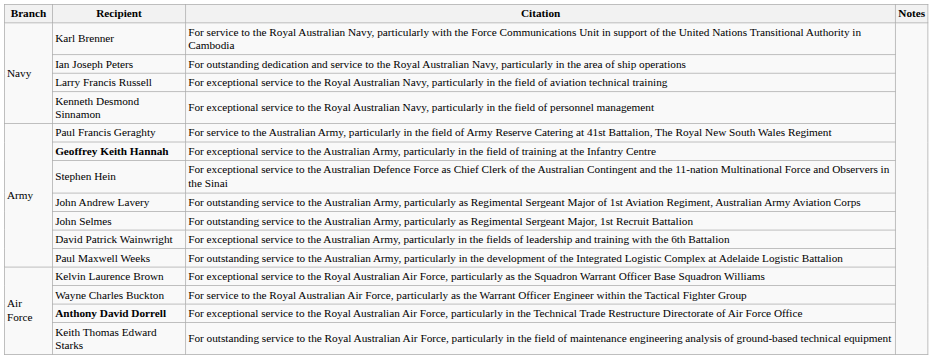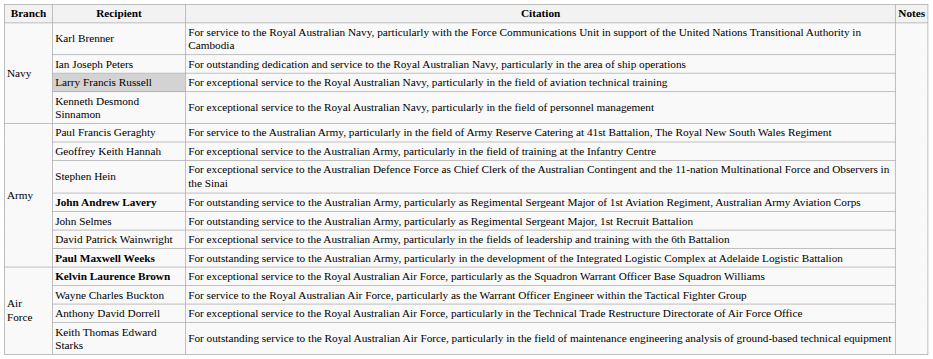 <table class="wikitable" style="font-size:95%;">
 <tr>
 <th>Branch</th>
 <th>Recipient</th>
 <th>Citation</th>
 <th>Notes</th>
 </tr>
 <tr>
 <td rowspan=4>Navy</td>
 <td> Karl Brenner</td>
 <td>For service to the Royal Australian Navy, particularly with the Force Communications Unit in support of the United Nations Transitional Authority in Cambodia</td>
 <td rowspan=15></td>
 </tr>
 <tr>
 <td> Ian Joseph Peters</td>
 <td>For outstanding dedication and service to the Royal Australian Navy, particularly in the area of ship operations</td>
 </tr>
 <tr>
-<td> Larry Francis Russell</td>
+<td style="background: lightgrey;"> Larry Francis Russell</td>
 <td>For exceptional service to the Royal Australian Navy, particularly in the field of aviation technical training</td>
 </tr>
 <tr>
 <td> Kenneth Desmond Sinnamon</td>
 <td>For exceptional service to the Royal Australian Navy, particularly in the field of personnel management</td>
 </tr>
 <tr>
 <td rowspan=7>Army</td>
 <td> Paul Francis Geraghty</td>
 <td>For service to the Australian Army, particularly in the field of Army Reserve Catering at 41st Battalion, The Royal New South Wales Regiment</td>
 </tr>
 <tr>
-<td><strong> Geoffrey Keith Hannah</strong></td>
+<td> Geoffrey Keith Hannah</td>
 <td>For exceptional service to the Australian Army, particularly in the field of training at the Infantry Centre</td>
 </tr>
 <tr>
 <td> Stephen Hein</td>
 <td>For exceptional service to the Australian Defence Force as Chief Clerk of the Australian Contingent and the 11-nation Multinational Force and Observers in the Sinai</td>
 </tr>
 <tr>
-<td> John Andrew Lavery</td>
+<td><strong> John Andrew Lavery</strong></td>
 <td>For outstanding service to the Australian Army, particularly as Regimental Sergeant Major of 1st Aviation Regiment, Australian Army Aviation Corps</td>
 </tr>
 <tr>
 <td> John Selmes</td>
 <td>For outstanding service to the Australian Army, particularly as Regimental Sergeant Major, 1st Recruit Battalion</td>
 </tr>
 <tr>
 <td> David Patrick Wainwright</td>
 <td>For exceptional service to the Australian Army, particularly in the fields of leadership and training with the 6th Battalion</td>
 </tr>
 <tr>
-<td> Paul Maxwell Weeks</td>
+<td><strong> Paul Maxwell Weeks</strong></td>
 <td>For outstanding service to the Australian Army, particularly in the development of the Integrated Logistic Complex at Adelaide Logistic Battalion</td>
 </tr>
 <tr>
 <td rowspan=4>Air Force</td>
-<td> Kelvin Laurence Brown</td>
+<td><strong> Kelvin Laurence Brown</strong></td>
 <td>For exceptional service to the Royal Australian Air Force, particularly as the Squadron Warrant Officer Base Squadron Williams</td>
 </tr>
 <tr>
 <td> Wayne Charles Buckton</td>
 <td>For service to the Royal Australian Air Force, particularly as the Warrant Officer Engineer within the Tactical Fighter Group</td>
 </tr>
 <tr>
-<td><strong> Anthony David Dorrell</strong></td>
+<td> Anthony David Dorrell</td>
 <td>For exceptional service to the Royal Australian Air Force, particularly in the Technical Trade Restructure Directorate of Air Force Office</td>
 </tr>
 <tr>
 <td> Keith Thomas Edward Starks</td>
 <td>For outstanding service to the Royal Australian Air Force, particularly in the field of maintenance engineering analysis of ground-based technical equipment</td>
 </tr>
 </table>
